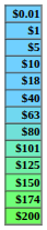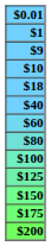 <table border=1 cellspacing=0 cellpadding=1 width=50px|->
 <tr>
 <td bgcolor=#70D0FF align=right><strong>$0.01</strong></td>
 </tr>
 <tr>
 <td bgcolor=#70D0FF align=right><strong>$1</strong></td>
 </tr>
 <tr>
-<td bgcolor=#70D0FF align=right><strong>$5</strong></td>
+<td bgcolor=#70D0FF align=right><strong>$9</strong></td>
 </tr>
 <tr>
 <td bgcolor=#70D0FF align=right><strong>$10</strong></td>
 </tr>
 <tr>
 <td bgcolor=#70D0FF align=right><strong>$18</strong></td>
 </tr>
 <tr>
 <td bgcolor=#70D0FF align=right><strong>$40</strong></td>
 </tr>
 <tr>
-<td bgcolor=#70D8F0 align=right><strong>$63</strong></td>
+<td bgcolor=#70D8F0 align=right><strong>$60</strong></td>
 </tr>
 <tr>
 <td bgcolor=#70E0D8 align=right><strong>$80</strong></td>
 </tr>
 <tr>
-<td bgcolor=#70EFC0 align=right><strong>$101</strong></td>
+<td bgcolor=#70EFC0 align=right><strong>$100</strong></td>
 </tr>
 <tr>
 <td bgcolor=#70F0A8 align=right><strong>$125</strong></td>
 </tr>
 <tr>
 <td bgcolor=#70FF90 align=right><strong>$150</strong></td>
 </tr>
 <tr>
-<td bgcolor=#70FF78 align=right><strong>$174</strong></td>
+<td bgcolor=#70FF78 align=right><strong>$175</strong></td>
 </tr>
 <tr>
 <td bgcolor=#70FF60 align=right><strong>$200</strong></td>
 </tr>
 </table>
